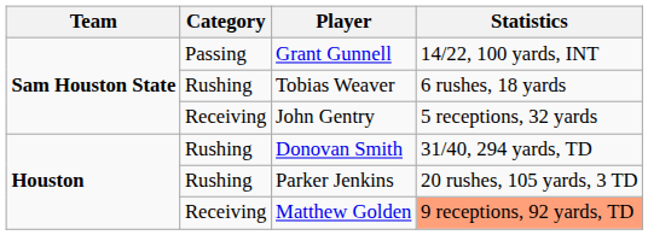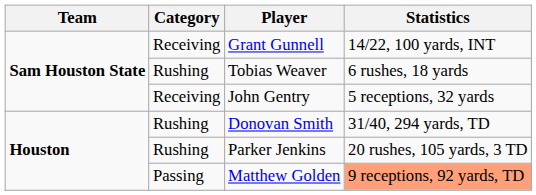 <table class="wikitable" style="float: right;">
 <tr>
 <th>Team</th>
 <th>Category</th>
 <th>Player</th>
 <th>Statistics</th>
 </tr>
 <tr>
 <td rowspan=3><strong>Sam Houston State</strong></td>
-<td>Passing</td>
+<td>Receiving</td>
 <td><a href='#'>Grant Gunnell</a></td>
 <td>14/22, 100 yards, INT</td>
 </tr>
 <tr>
 <td>Rushing</td>
 <td>Tobias Weaver</td>
 <td>6 rushes, 18 yards</td>
 </tr>
 <tr>
 <td>Receiving</td>
 <td>John Gentry</td>
 <td>5 receptions, 32 yards</td>
 </tr>
 <tr>
 <td rowspan=3><strong>Houston</strong></td>
 <td>Rushing</td>
 <td><a href='#'>Donovan Smith</a></td>
 <td>31/40, 294 yards, TD</td>
 </tr>
 <tr>
 <td>Rushing</td>
 <td>Parker Jenkins</td>
 <td>20 rushes, 105 yards, 3 TD</td>
 </tr>
 <tr>
-<td>Receiving</td>
+<td>Passing</td>
 <td><a href='#'>Matthew Golden</a></td>
 <td style="background: lightsalmon;">9 receptions, 92 yards, TD</td>
 </tr>
 </table>
